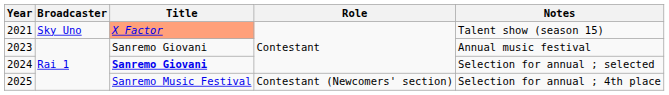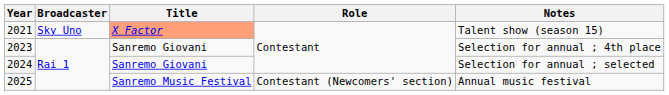 <table class="wikitable plainrowheaders sortable">
 <tr>
 <th scope="col">Year</th>
 <th scope="col">Broadcaster</th>
 <th scope="col">Title</th>
 <th scope="col">Role</th>
 <th scope="col" class="unsortable">Notes</th>
 </tr>
 <tr>
 <td>2021</td>
 <td><a href='#'>Sky Uno</a></td>
 <td style="background: lightsalmon;"><em><a href='#'>X Factor</a></em></td>
 <td rowspan="3">Contestant</td>
 <td>Talent show (season 15)</td>
 </tr>
 <tr>
 <td>2023</td>
 <td rowspan="3"><a href='#'>Rai 1</a></td>
 <td>Sanremo Giovani</td>
-<td>Annual music festival</td>
+<td>Selection for annual ; 4th place</td>
 </tr>
 <tr>
 <td>2024</td>
-<td><strong><a href='#'>Sanremo Giovani</a></strong></td>
+<td><a href='#'>Sanremo Giovani</a></td>
 <td>Selection for annual ; selected</td>
 </tr>
 <tr>
 <td rowspan="2">2025</td>
 <td><a href='#'>Sanremo Music Festival</a></td>
 <td>Contestant (Newcomers' section)</td>
-<td>Selection for annual ; 4th place</td>
+<td>Annual music festival</td>
 </tr>
 </table>
